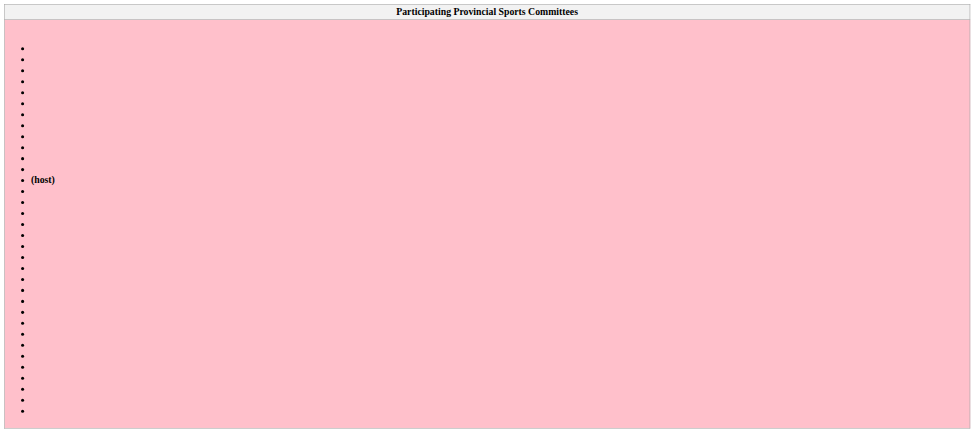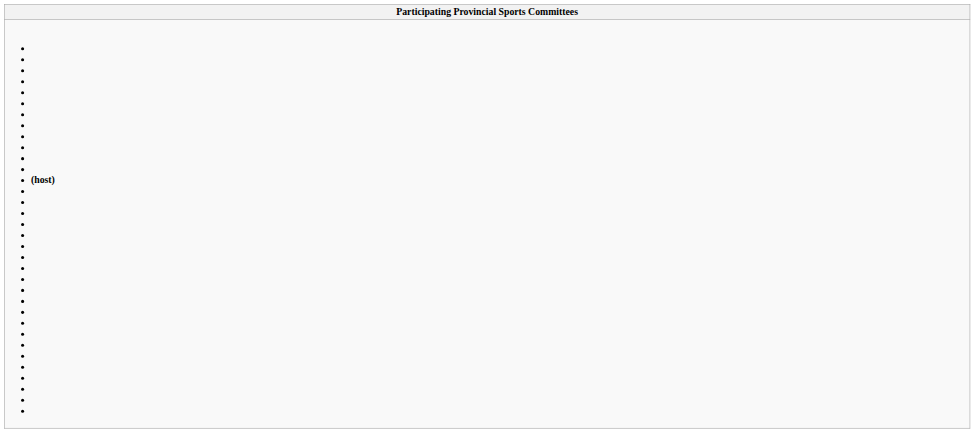 <table class="wikitable collapsible" style="width:100%;">
 <tr>
 <th>Participating Provincial Sports Committees</th>
 </tr>
 <tr>
-<td style="background: pink;"><br><ul><li></li><li></li><li></li><li></li><li></li><li></li><li></li><li></li><li></li><li></li><li></li><li></li><li> <strong>(host)</strong></li><li></li><li></li><li></li><li></li><li></li><li></li><li></li><li></li><li></li><li></li><li></li><li></li><li></li><li></li><li></li><li></li><li></li><li></li><li></li><li></li><li></li></ul></td>
+<td><br><ul><li></li><li></li><li></li><li></li><li></li><li></li><li></li><li></li><li></li><li></li><li></li><li></li><li> <strong>(host)</strong></li><li></li><li></li><li></li><li></li><li></li><li></li><li></li><li></li><li></li><li></li><li></li><li></li><li></li><li></li><li></li><li></li><li></li><li></li><li></li><li></li><li></li></ul></td>
 </tr>
 </table>
